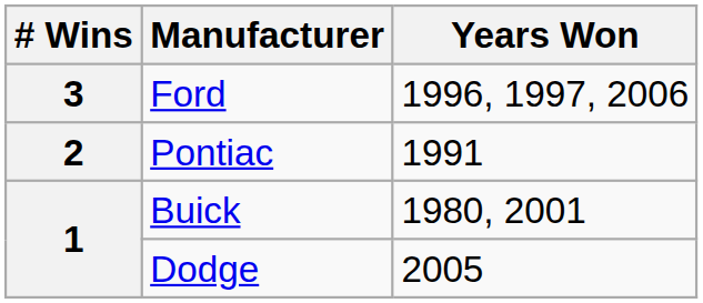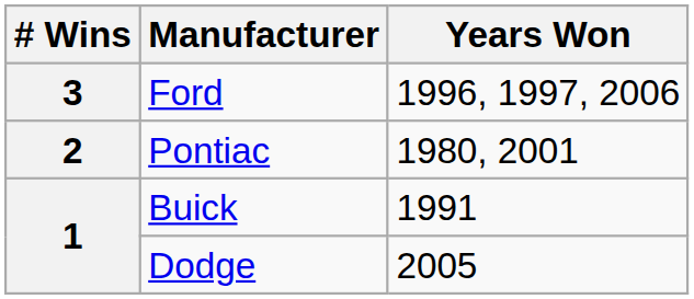 <table class="wikitable" style="font-size: 95%;">
 <tr>
 <th># Wins</th>
 <th>Manufacturer</th>
 <th>Years Won</th>
 </tr>
 <tr>
 <th>3</th>
 <td><a href='#'>Ford</a></td>
 <td>1996, 1997, 2006</td>
 </tr>
 <tr>
 <th>2</th>
 <td><a href='#'>Pontiac</a></td>
-<td>1991</td>
+<td>1980, 2001</td>
 </tr>
 <tr>
 <th rowspan=2>1</th>
 <td><a href='#'>Buick</a></td>
-<td>1980, 2001</td>
+<td>1991</td>
 </tr>
 <tr>
 <td><a href='#'>Dodge</a></td>
 <td>2005</td>
 </tr>
 </table>
